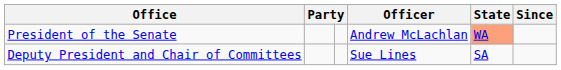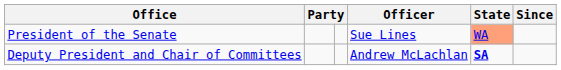 <table class="sortable wikitable" style="text-align: left;">
 <tr>
 <th>Office</th>
 <th colspan="2">Party</th>
 <th>Officer</th>
 <th>State</th>
 <th>Since</th>
 </tr>
 <tr>
 <td><a href='#'>President of the Senate</a></td>
 <td> </td>
 <td></td>
-<td><a href='#'>Andrew McLachlan</a></td>
+<td><a href='#'>Sue Lines</a></td>
 <td style="background: lightsalmon;"><a href='#'>WA</a></td>
 <td></td>
 </tr>
 <tr>
 <td><a href='#'>Deputy President and Chair of Committees</a></td>
 <td> </td>
 <td></td>
-<td><a href='#'>Sue Lines</a></td>
-<td><a href='#'>SA</a></td>
+<td><a href='#'>Andrew McLachlan</a></td>
+<td><strong><a href='#'>SA</a></strong></td>
 <td></td>
 </tr>
 </table>
